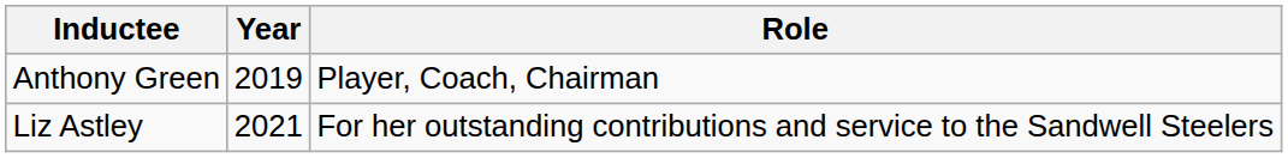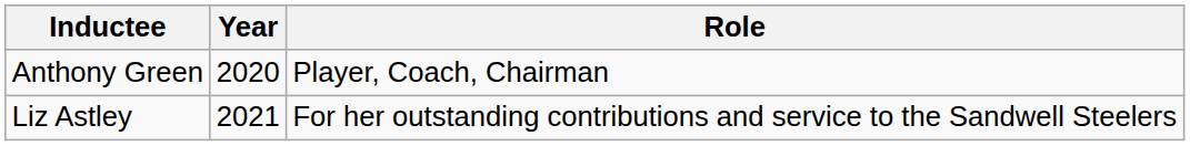 <table class="wikitable">
 <tr>
 <th style="font-weight:bold; font-family:Arial, Helvetica, sans-serif !important;;">Inductee</th>
 <th style="font-weight:bold; font-family:Arial, Helvetica, sans-serif !important;;">Year</th>
 <th style="font-weight:bold; font-family:Arial, Helvetica, sans-serif !important;;">Role</th>
 </tr>
 <tr>
 <td>Anthony Green</td>
-<td>2019</td>
+<td>2020</td>
 <td>Player, Coach, Chairman</td>
 </tr>
 <tr>
 <td>Liz Astley</td>
 <td>2021</td>
 <td>For her outstanding contributions and service to the Sandwell Steelers</td>
 </tr>
 </table>
